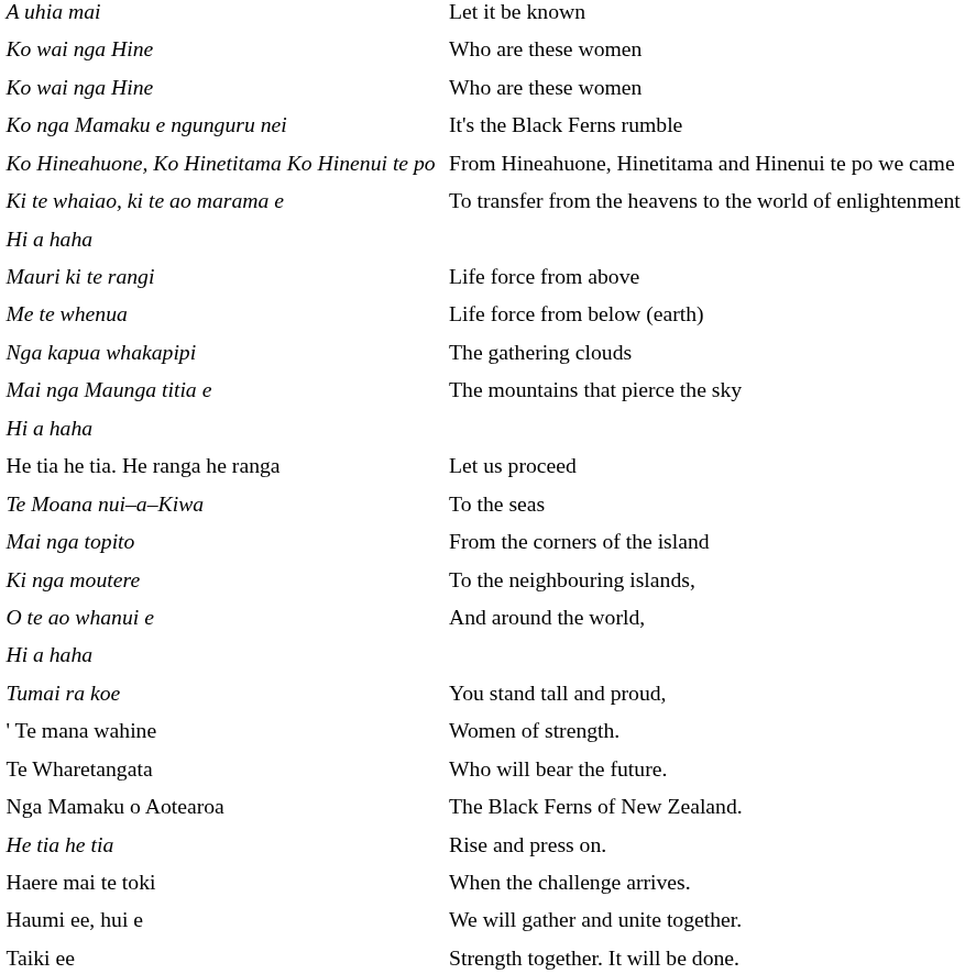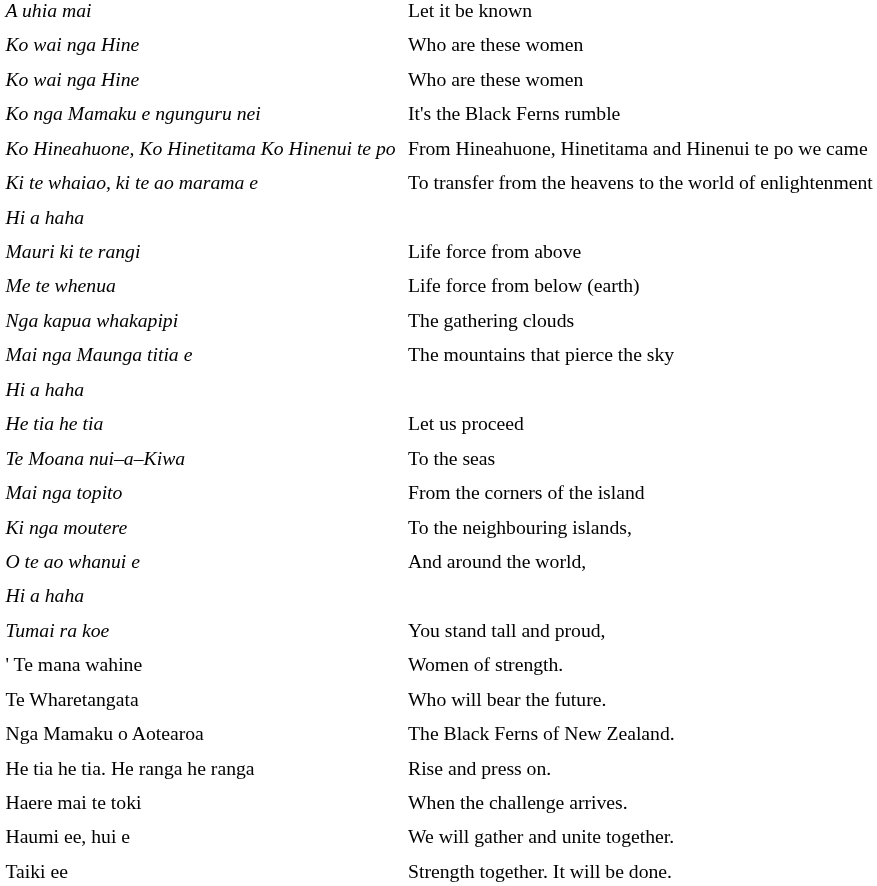 <table border="0" cellpadding="4" cellspacing="2" style="margin-left:3em">
 <tr>
 <td></td>
 </tr>
 <tr>
 <td><em>A uhia mai</em></td>
 <td>Let it be known</td>
 </tr>
 <tr>
 <td><em>Ko wai nga Hine</em></td>
 <td>Who are these women</td>
 </tr>
 <tr>
 <td><em>Ko wai nga Hine</em></td>
 <td>Who are these women</td>
 </tr>
 <tr>
 <td><em>Ko nga Mamaku e ngunguru nei</em></td>
 <td>It's the Black Ferns rumble</td>
 </tr>
 <tr>
 <td><em>Ko Hineahuone, Ko Hinetitama Ko Hinenui te po</em></td>
 <td>From Hineahuone, Hinetitama and Hinenui te po we came</td>
 </tr>
 <tr>
 <td><em>Ki te whaiao, ki te ao marama e</em></td>
 <td>To transfer from the heavens to the world of enlightenment</td>
 </tr>
 <tr>
 <td><em>Hi a haha</em></td>
 <td></td>
 </tr>
 <tr>
 <td><em>Mauri ki te rangi</em></td>
 <td>Life force from above</td>
 </tr>
 <tr>
 <td><em>Me te whenua</em></td>
 <td>Life force from below (earth)</td>
 </tr>
 <tr>
 <td><em>Nga kapua whakapipi</em></td>
 <td>The gathering clouds</td>
 </tr>
 <tr>
 <td><em>Mai nga Maunga titia e</em></td>
 <td>The mountains that pierce the sky</td>
 </tr>
 <tr>
 <td><em>Hi a haha</em></td>
 <td></td>
 </tr>
 <tr>
-<td></em>He tia he tia. He ranga he ranga<em></td>
+<td><em>He tia he tia</em></td>
 <td>Let us proceed</td>
 </tr>
 <tr>
 <td><em>Te Moana nui–a–Kiwa</em></td>
 <td>To the seas</td>
 </tr>
 <tr>
 <td><em>Mai nga topito</em></td>
 <td>From the corners of the island</td>
 </tr>
 <tr>
 <td><em>Ki nga moutere</em></td>
 <td>To the neighbouring islands,</td>
 </tr>
 <tr>
 <td><em>O te ao whanui e</em></td>
 <td>And around the world,</td>
 </tr>
 <tr>
 <td><em>Hi a haha</em></td>
 <td></td>
 </tr>
 <tr>
 <td><em>Tumai ra koe</em></td>
 <td>You stand tall and proud,</td>
 </tr>
 <tr>
 <td>' Te mana wahine<em></td>
 <td>Women of strength.</td>
 </tr>
 <tr>
 <td></em>Te Wharetangata<em></td>
 <td>Who will bear the future.</td>
 </tr>
 <tr>
 <td></em>Nga Mamaku o Aotearoa<em></td>
 <td>The Black Ferns of New Zealand.</td>
 </tr>
 <tr>
-<td><em>He tia he tia</em></td>
+<td></em>He tia he tia. He ranga he ranga<em></td>
 <td>Rise and press on.</td>
 </tr>
 <tr>
 <td></em>Haere mai te toki<em></td>
 <td>When the challenge arrives.</td>
 </tr>
 <tr>
 <td></em>Haumi ee, hui e<em></td>
 <td>We will gather and unite together.</td>
 </tr>
 <tr>
 <td></em>Taiki ee<em></td>
 <td>Strength together. It will be done.</td>
 </tr>
 </table>
